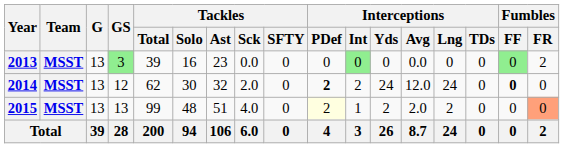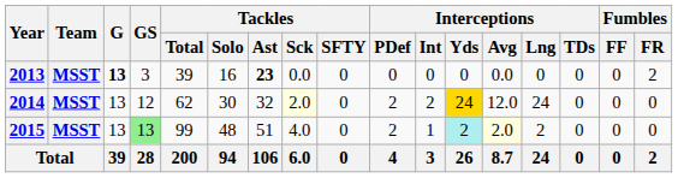 <table class="wikitable" style="text-align: center;">
 <tr>
 <th rowspan=2>Year</th>
 <th rowspan=2>Team</th>
 <th rowspan=2>G</th>
 <th rowspan=2>GS</th>
 <th colspan=5>Tackles</th>
 <th colspan=6>Interceptions</th>
 <th colspan=2>Fumbles</th>
 </tr>
 <tr>
 <th>Total</th>
 <th>Solo</th>
 <th>Ast</th>
 <th>Sck</th>
 <th>SFTY</th>
 <th>PDef</th>
 <th>Int</th>
 <th>Yds</th>
 <th>Avg</th>
 <th>Lng</th>
 <th>TDs</th>
 <th>FF</th>
 <th>FR</th>
 </tr>
 <tr>
 <th><a href='#'>2013</a></th>
 <th><a href='#'>MSST</a></th>
-<td>13</td>
-<td style="background: lightgreen;">3</td>
+<td><strong>13</strong></td>
+<td>3</td>
 <td>39</td>
 <td>16</td>
-<td>23</td>
+<td><strong>23</strong></td>
 <td>0.0</td>
 <td>0</td>
 <td>0</td>
-<td style="background: lightgreen;">0</td>
+<td>0</td>
 <td>0</td>
 <td>0.0</td>
 <td>0</td>
 <td>0</td>
-<td style="background: lightgreen;">0</td>
+<td>0</td>
 <td>2</td>
 </tr>
 <tr>
 <th><a href='#'>2014</a></th>
 <th><a href='#'>MSST</a></th>
 <td>13</td>
 <td>12</td>
 <td>62</td>
 <td>30</td>
 <td>32</td>
-<td>2.0</td>
+<td style="background: lightyellow;">2.0</td>
 <td>0</td>
-<td><strong>2</strong></td>
 <td>2</td>
-<td>24</td>
+<td>2</td>
+<td style="background: gold;">24</td>
 <td>12.0</td>
 <td>24</td>
 <td>0</td>
-<td><strong>0</strong></td>
+<td>0</td>
 <td>0</td>
 </tr>
 <tr>
 <th><a href='#'>2015</a></th>
 <th><a href='#'>MSST</a></th>
 <td>13</td>
-<td>13</td>
+<td style="background: lightgreen;">13</td>
 <td>99</td>
 <td>48</td>
 <td>51</td>
 <td>4.0</td>
 <td>0</td>
-<td style="background: lightyellow;">2</td>
+<td>2</td>
 <td>1</td>
-<td>2</td>
-<td>2.0</td>
+<td style="background: paleturquoise;">2</td>
+<td style="background: lightyellow;">2.0</td>
 <td>2</td>
 <td>0</td>
 <td>0</td>
-<td style="background: lightsalmon;">0</td>
+<td>0</td>
 </tr>
 <tr>
 <th colspan=2>Total</th>
 <th>39</th>
 <th>28</th>
 <th>200</th>
 <th>94</th>
 <th>106</th>
 <th>6.0</th>
 <th>0</th>
 <th>4</th>
 <th>3</th>
 <th>26</th>
 <th>8.7</th>
 <th>24</th>
 <th>0</th>
 <th>0</th>
 <th>2</th>
 </tr>
 </table>
